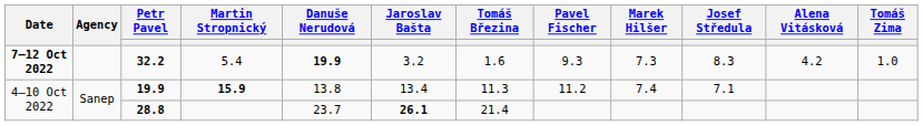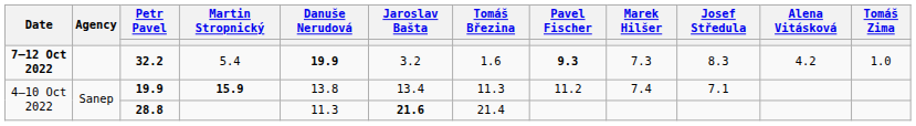 <table class="wikitable" style=text-align:center;font-size:85%;line-height:14px;">
 <tr>
 <th rowspan="2">Date</th>
 <th rowspan="2">Agency</th>
 <th><a href='#'>Petr Pavel</a></th>
 <th><a href='#'>Martin Stropnický</a></th>
 <th><a href='#'>Danuše Nerudová</a></th>
 <th><a href='#'>Jaroslav Bašta</a></th>
 <th><a href='#'>Tomáš Březina</a></th>
 <th><a href='#'>Pavel Fischer</a></th>
 <th><a href='#'>Marek Hilšer</a></th>
 <th><a href='#'>Josef Středula</a></th>
 <th><a href='#'>Alena Vitásková</a></th>
 <th><a href='#'>Tomáš Zima</a></th>
 </tr>
 <tr>
 <th style="background:"></th>
 <th style="background:"></th>
 <th style="background:"></th>
 <th style="background:"></th>
 <th style="background:"></th>
 <th style="background:"></th>
 <th style="background:"></th>
 <th style="background:"></th>
 <th style="background:"></th>
 <th style="background:"></th>
 </tr>
 <tr>
 <td><strong>7–12 Oct 2022</strong></td>
 <td></td>
 <td><strong>32.2</strong></td>
 <td>5.4</td>
 <td><strong>19.9</strong></td>
 <td>3.2</td>
 <td>1.6</td>
-<td>9.3</td>
+<td><strong>9.3</strong></td>
 <td>7.3</td>
 <td>8.3</td>
 <td>4.2</td>
 <td>1.0</td>
 </tr>
 <tr>
 <td rowspan="2">4–10 Oct 2022</td>
 <td rowspan="2">Sanep</td>
 <td><strong>19.9</strong></td>
 <td><strong>15.9</strong></td>
 <td>13.8</td>
 <td>13.4</td>
 <td>11.3</td>
 <td>11.2</td>
 <td>7.4</td>
 <td>7.1</td>
 <td></td>
 <td></td>
 </tr>
 <tr>
 <td><strong>28.8</strong></td>
 <td></td>
-<td>23.7</td>
-<td><strong>26.1</strong></td>
+<td>11.3</td>
+<td><strong>21.6</strong></td>
 <td>21.4</td>
 <td></td>
 <td></td>
 <td></td>
 <td></td>
 <td></td>
 </tr>
 </table>
